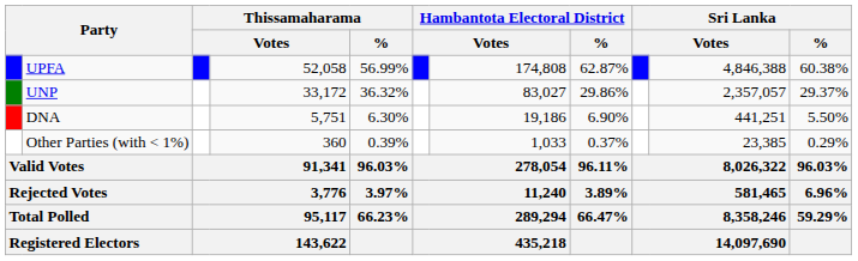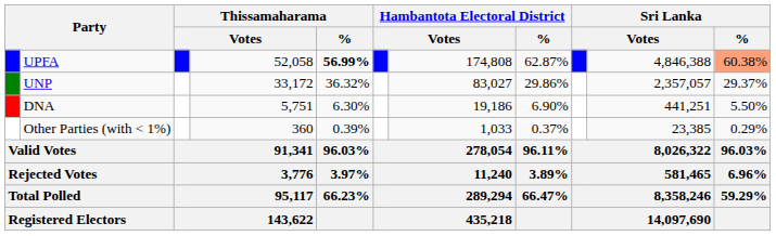 <table class="wikitable">
 <tr>
 <th colspan="2" width="144px"rowspan="2">Party</th>
 <th colspan="3" width="216px">Thissamaharama</th>
 <th colspan="3" width="216px"><a href='#'>Hambantota Electoral District</a></th>
 <th colspan="3" width="216px">Sri Lanka</th>
 </tr>
 <tr>
 <th colspan="2" width="144px">Votes</th>
 <th>%</th>
 <th colspan="2" width="144px">Votes</th>
 <th>%</th>
 <th colspan="2" width="144px">Votes</th>
 <th>%</th>
 </tr>
 <tr>
 <td style="background-color:blue;" width="10px"></td>
 <td style="text-align:left;"><a href='#'>UPFA</a></td>
 <td style="background-color:blue;" width="10px"></td>
 <td style="text-align:right;">52,058</td>
-<td style="text-align:right;">56.99%</td>
+<td style="text-align:right;"><strong>56.99%</strong></td>
 <td style="background-color:blue;" width="10px"></td>
 <td style="text-align:right;">174,808</td>
 <td style="text-align:right;">62.87%</td>
 <td style="background-color:blue;" width="10px"></td>
 <td style="text-align:right;">4,846,388</td>
-<td style="text-align:right;">60.38%</td>
+<td style="background: lightsalmon; text-align:right;">60.38%</td>
 </tr>
 <tr>
 <td style="background-color:green;" width="10px"></td>
 <td style="text-align:left;"><a href='#'>UNP</a></td>
 <td style="background-color:white;" width="10px"></td>
 <td style="text-align:right;">33,172</td>
 <td style="text-align:right;">36.32%</td>
 <td style="background-color:white;" width="10px"></td>
 <td style="text-align:right;">83,027</td>
 <td style="text-align:right;">29.86%</td>
 <td style="background-color:white;" width="10px"></td>
 <td style="text-align:right;">2,357,057</td>
 <td style="text-align:right;">29.37%</td>
 </tr>
 <tr>
 <td style="background-color:red;" width="10px"></td>
 <td style="text-align:left;">DNA</td>
 <td style="background-color:white;" width="10px"></td>
 <td style="text-align:right;">5,751</td>
 <td style="text-align:right;">6.30%</td>
 <td style="background-color:white;" width="10px"></td>
 <td style="text-align:right;">19,186</td>
 <td style="text-align:right;">6.90%</td>
 <td style="background-color:white;" width="10px"></td>
 <td style="text-align:right;">441,251</td>
 <td style="text-align:right;">5.50%</td>
 </tr>
 <tr>
 <td style="background-color:white;" width="10px"></td>
 <td style="text-align:left;">Other Parties (with < 1%)</td>
 <td style="background-color:white;" width="10px"></td>
 <td style="text-align:right;">360</td>
 <td style="text-align:right;">0.39%</td>
 <td style="background-color:white;" width="10px"></td>
 <td style="text-align:right;">1,033</td>
 <td style="text-align:right;">0.37%</td>
 <td style="background-color:white;" width="10px"></td>
 <td style="text-align:right;">23,385</td>
 <td style="text-align:right;">0.29%</td>
 </tr>
 <tr>
 <th colspan="2" width="144px"style="text-align:left;">Valid Votes</th>
 <th style="text-align:right;"colspan="2" width="144px">91,341</th>
 <th style="text-align:right;">96.03%</th>
 <th style="text-align:right;"colspan="2" width="144px">278,054</th>
 <th style="text-align:right;">96.11%</th>
 <th style="text-align:right;"colspan="2" width="144px">8,026,322</th>
 <th style="text-align:right;">96.03%</th>
 </tr>
 <tr>
 <th colspan="2" width="144px"style="text-align:left;">Rejected Votes</th>
 <th style="text-align:right;"colspan="2" width="144px">3,776</th>
 <th style="text-align:right;">3.97%</th>
 <th style="text-align:right;"colspan="2" width="144px">11,240</th>
 <th style="text-align:right;">3.89%</th>
 <th style="text-align:right;"colspan="2" width="144px">581,465</th>
 <th style="text-align:right;">6.96%</th>
 </tr>
 <tr>
 <th colspan="2" width="144px"style="text-align:left;">Total Polled</th>
 <th style="text-align:right;"colspan="2" width="144px">95,117</th>
 <th style="text-align:right;">66.23%</th>
 <th style="text-align:right;"colspan="2" width="144px">289,294</th>
 <th style="text-align:right;">66.47%</th>
 <th style="text-align:right;"colspan="2" width="144px">8,358,246</th>
 <th style="text-align:right;">59.29%</th>
 </tr>
 <tr>
 <th colspan="2" width="144px"style="text-align:left;">Registered Electors</th>
 <th style="text-align:right;"colspan="2" width="144px">143,622</th>
 <th></th>
 <th style="text-align:right;"colspan="2" width="144px">435,218</th>
 <th></th>
 <th style="text-align:right;"colspan="2" width="144px">14,097,690</th>
 <th></th>
 </tr>
 </table>
